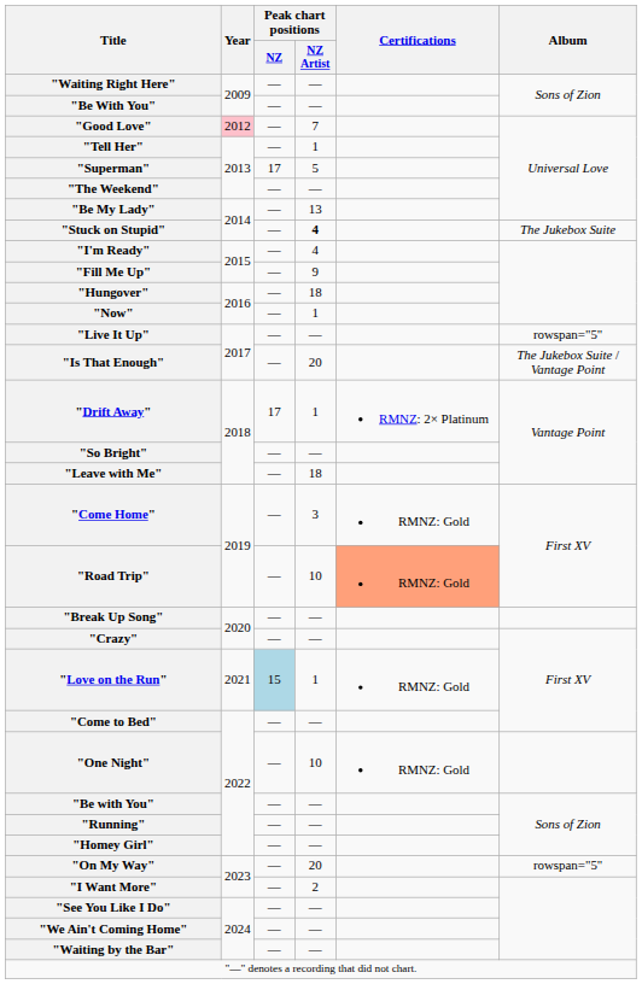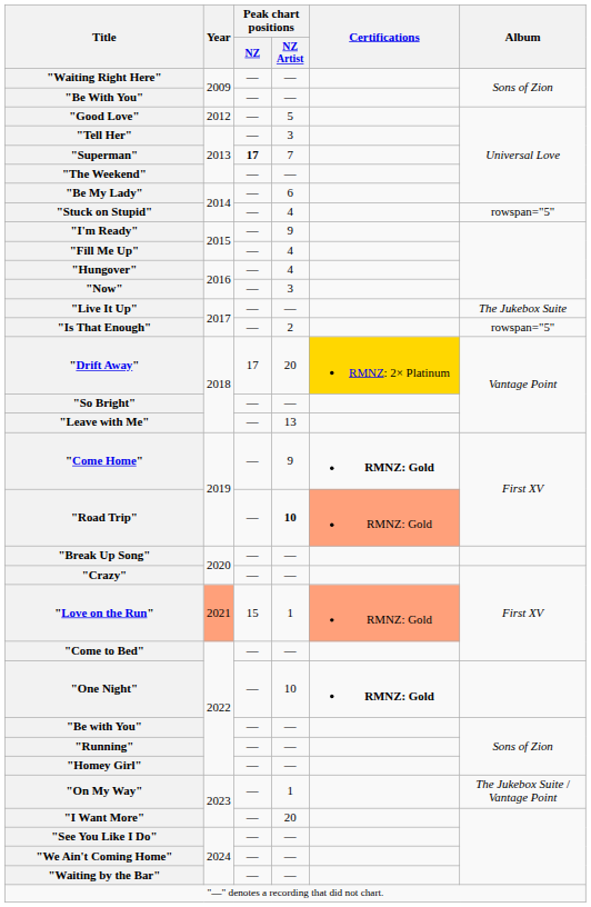 <table class="wikitable plainrowheaders" style="text-align:center;">
 <tr>
 <th scope="col" rowspan="2" style="width:16em;">Title</th>
 <th scope="col" rowspan="2" style="width:1em;">Year</th>
 <th scope="col" colspan="2">Peak chart positions</th>
 <th scope="col" rowspan="2" style="width:12em;"><a href='#'>Certifications</a></th>
 <th scope="col" rowspan="2" style="width:10em;">Album</th>
 </tr>
 <tr>
 <th scope="col" style="width:3em;font-size:90%;"><a href='#'>NZ</a><br></th>
 <th scope="col" style="width:3em;font-size:90%;"><a href='#'>NZ<br>Artist</a><br></th>
 </tr>
 <tr>
 <th scope="row">"Waiting Right Here"<br></th>
 <td rowspan="2">2009</td>
 <td>—</td>
 <td>—</td>
 <td></td>
 <td rowspan="2"><em>Sons of Zion</em></td>
 </tr>
 <tr>
 <th scope="row">"Be With You"</th>
 <td>—</td>
 <td>—</td>
 <td></td>
 </tr>
 <tr>
 <th scope="row">"Good Love"</th>
-<td style="background: pink;">2012</td>
+<td>2012</td>
 <td>—</td>
-<td>7</td>
+<td>5</td>
 <td></td>
 <td rowspan="5"><em>Universal Love</em></td>
 </tr>
 <tr>
 <th scope="row">"Tell Her"</th>
 <td rowspan="3">2013</td>
 <td>—</td>
-<td>1</td>
+<td>3</td>
 <td></td>
 </tr>
 <tr>
 <th scope="row">"Superman"<br></th>
-<td>17</td>
-<td>5</td>
+<td><strong>17</strong></td>
+<td>7</td>
 <td></td>
 </tr>
 <tr>
 <th scope="row">"The Weekend"</th>
 <td>—</td>
 <td>—</td>
 <td></td>
 </tr>
 <tr>
 <th scope="row">"Be My Lady"</th>
 <td rowspan="2">2014</td>
 <td>—</td>
-<td>13</td>
+<td>6</td>
 <td></td>
 </tr>
 <tr>
 <th scope="row">"Stuck on Stupid"<br></th>
 <td>—</td>
-<td><strong>4</strong></td>
+<td>4</td>
 <td></td>
-<td><em>The Jukebox Suite</em></td>
+<td>rowspan="5" </td>
 </tr>
 <tr>
 <th scope="row">"I'm Ready"</th>
 <td rowspan="2">2015</td>
 <td>—</td>
-<td>4</td>
+<td>9</td>
 <td></td>
 </tr>
 <tr>
 <th scope="row">"Fill Me Up"</th>
 <td>—</td>
-<td>9</td>
+<td>4</td>
 <td></td>
 </tr>
 <tr>
 <th scope="row">"Hungover"</th>
 <td rowspan="2">2016</td>
 <td>—</td>
-<td>18</td>
+<td>4</td>
 <td></td>
 </tr>
 <tr>
 <th scope="row">"Now"<br></th>
 <td>—</td>
-<td>1</td>
+<td>3</td>
 <td></td>
 </tr>
 <tr>
 <th scope="row">"Live It Up"</th>
 <td rowspan="2">2017</td>
 <td>—</td>
 <td>—</td>
 <td></td>
-<td>rowspan="5" </td>
+<td><em>The Jukebox Suite</em></td>
 </tr>
 <tr>
 <th scope="row">"Is That Enough"<br></th>
 <td>—</td>
-<td>20</td>
+<td>2</td>
 <td></td>
-<td><em>The Jukebox Suite</em> / <em>Vantage Point</em></td>
+<td>rowspan="5" </td>
 </tr>
 <tr>
 <th scope="row">"<a href='#'>Drift Away</a>"</th>
 <td rowspan="3">2018</td>
 <td>17</td>
-<td>1</td>
-<td><br><ul><li><a href='#'>RMNZ</a>: 2× Platinum</li></ul></td>
+<td>20</td>
+<td style="background: gold;"><br><ul><li><a href='#'>RMNZ</a>: 2× Platinum</li></ul></td>
 <td rowspan="3"><em>Vantage Point</em></td>
 </tr>
 <tr>
 <th scope="row">"So Bright"</th>
 <td>—</td>
 <td>—</td>
 <td></td>
 </tr>
 <tr>
 <th scope="row">"Leave with Me"</th>
 <td>—</td>
-<td>18</td>
+<td>13</td>
 <td></td>
 </tr>
 <tr>
 <th scope="row">"<a href='#'>Come Home</a>"</th>
 <td rowspan="2">2019</td>
 <td>—</td>
-<td>3</td>
-<td><br><ul><li>RMNZ: Gold</li></ul></td>
+<td>9</td>
+<td><strong><br><ul><li>RMNZ: Gold</li></ul></strong></td>
 <td rowspan="2"><em>First XV</em></td>
 </tr>
 <tr>
 <th scope="row">"Road Trip"</th>
 <td>—</td>
-<td>10</td>
+<td><strong>10</strong></td>
 <td style="background: lightsalmon;"><br><ul><li>RMNZ: Gold</li></ul></td>
 </tr>
 <tr>
 <th scope="row">"Break Up Song"</th>
 <td rowspan="2">2020</td>
 <td>—</td>
 <td>—</td>
 <td></td>
 <td></td>
 </tr>
 <tr>
 <th scope="row">"Crazy"</th>
 <td>—</td>
 <td>—</td>
 <td></td>
 <td rowspan="3"><em>First XV</em></td>
 </tr>
 <tr>
 <th scope="row">"<a href='#'>Love on the Run</a>"<br></th>
-<td>2021</td>
-<td style="background: lightblue;">15</td>
+<td style="background: lightsalmon;">2021</td>
+<td>15</td>
 <td>1</td>
-<td><br><ul><li>RMNZ: Gold</li></ul></td>
+<td style="background: lightsalmon;"><br><ul><li>RMNZ: Gold</li></ul></td>
 </tr>
 <tr>
 <th scope="row">"Come to Bed"</th>
 <td rowspan="5">2022</td>
 <td>—</td>
 <td>—</td>
 <td></td>
 </tr>
 <tr>
 <th scope="row">"One Night"</th>
 <td>—</td>
 <td>10</td>
-<td><br><ul><li>RMNZ: Gold</li></ul></td>
+<td><strong><br><ul><li>RMNZ: Gold</li></ul></strong></td>
 <td></td>
 </tr>
 <tr>
 <th scope="row">"Be with You" </th>
 <td>—</td>
 <td>—</td>
 <td></td>
 <td rowspan="3"><em>Sons of Zion</em> </td>
 </tr>
 <tr>
 <th scope="row">"Running" </th>
 <td>—</td>
 <td>—</td>
 <td></td>
 </tr>
 <tr>
 <th scope="row">"Homey Girl" </th>
 <td>—</td>
 <td>—</td>
 <td></td>
 </tr>
 <tr>
 <th scope="row">"On My Way"<br></th>
 <td rowspan="2">2023</td>
 <td>—</td>
-<td>20</td>
+<td>1</td>
 <td></td>
-<td>rowspan="5" </td>
+<td><em>The Jukebox Suite</em> / <em>Vantage Point</em></td>
 </tr>
 <tr>
 <th scope="row">"I Want More"<br></th>
 <td>—</td>
-<td>2</td>
+<td>20</td>
 <td></td>
 </tr>
 <tr>
 <th scope="row">"See You Like I Do"</th>
 <td rowspan="3">2024</td>
 <td>—</td>
 <td>—</td>
 <td></td>
 </tr>
 <tr>
 <th scope="row">"We Ain't Coming Home"<br></th>
 <td>—</td>
 <td>—</td>
 <td></td>
 </tr>
 <tr>
 <th scope="row">"Waiting by the Bar"</th>
 <td>—</td>
 <td>—</td>
 <td></td>
 </tr>
 <tr>
 <td colspan="8" style="font-size:85%;">"—" denotes a recording that did not chart.</td>
 </tr>
 </table>
